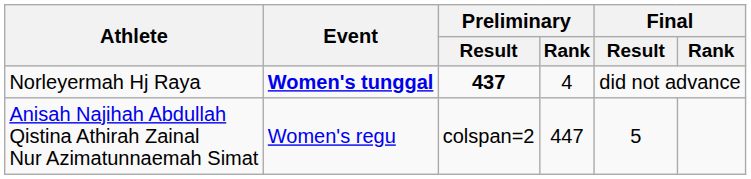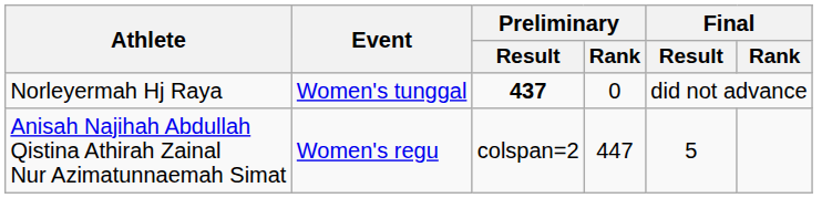 <table class=wikitable style=font-size:90%;text-align:center>
 <tr>
 <th rowspan="2">Athlete</th>
 <th rowspan="2">Event</th>
 <th colspan="2">Preliminary</th>
 <th colspan="2">Final</th>
 </tr>
 <tr style="font-size:95%">
 <th>Result</th>
 <th>Rank</th>
 <th>Result</th>
 <th>Rank</th>
 </tr>
 <tr>
 <td align=left>Norleyermah Hj Raya</td>
-<td align=left><strong><a href='#'>Women's tunggal</a></strong></td>
+<td align=left><a href='#'>Women's tunggal</a></td>
 <td><strong>437</strong></td>
-<td>4</td>
+<td>0</td>
 <td colspan=2>did not advance</td>
 </tr>
 <tr>
 <td align=left><a href='#'>Anisah Najihah Abdullah</a><br>Qistina Athirah Zainal<br>Nur Azimatunnaemah Simat</td>
 <td align=left><a href='#'>Women's regu</a></td>
 <td>colspan=2 </td>
 <td>447</td>
 <td>5</td>
 </tr>
 </table>
